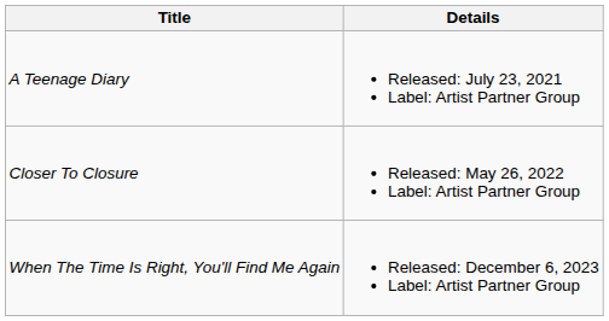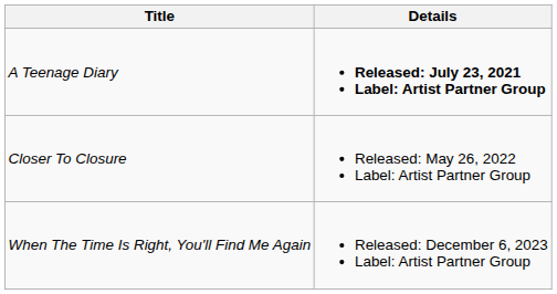 <table class="wikitable">
 <tr>
 <th rowspan="1">Title</th>
 <th rowspan="1">Details</th>
 </tr>
 <tr>
 <td><em>A Teenage Diary</em></td>
-<td><br><ul><li>Released: July 23, 2021</li><li>Label: Artist Partner Group</li></ul></td>
+<td><strong><br><ul><li>Released: July 23, 2021</li><li>Label: Artist Partner Group</li></ul></strong></td>
 </tr>
 <tr>
 <td><em>Closer To Closure</em></td>
 <td><br><ul><li>Released: May 26, 2022</li><li>Label: Artist Partner Group</li></ul></td>
 </tr>
 <tr>
 <td><em>When The Time Is Right, You'll Find Me Again</em></td>
 <td><br><ul><li>Released: December 6, 2023</li><li>Label: Artist Partner Group</li></ul></td>
 </tr>
 </table>
